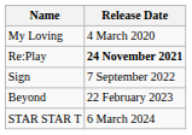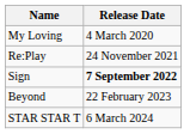 <table class="sortable wikitable" style="font-size:small">
 <tr>
 <th rowspan="2">Name</th>
 <th rowspan="2">Release Date</th>
 </tr>
 <tr>
 </tr>
 <tr>
 <td>My Loving</td>
 <td>4 March 2020</td>
 </tr>
 <tr>
 <td>Re:Play</td>
-<td><strong>24 November 2021</strong></td>
+<td>24 November 2021</td>
 </tr>
 <tr>
 <td>Sign</td>
-<td>7 September 2022</td>
+<td><strong>7 September 2022</strong></td>
 </tr>
 <tr>
 <td>Beyond</td>
 <td>22 February 2023</td>
 </tr>
 <tr>
 <td>STAR STAR T</td>
 <td>6 March 2024</td>
 </tr>
 </table>
